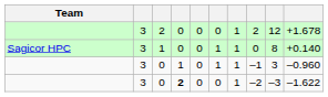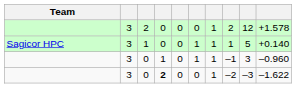 <table class="wikitable" style="text-align:center">
 <tr>
 <th width=180>Team</th>
 <th width=20></th>
 <th width=20></th>
 <th width=20></th>
 <th width=20></th>
 <th width=20></th>
 <th width=20></th>
 <th width=20></th>
 <th width=20></th>
 <th width=45></th>
 </tr>
 <tr style="background:#cfc">
 <td align="left"></td>
 <td>3</td>
 <td>2</td>
 <td>0</td>
 <td>0</td>
 <td>0</td>
 <td>1</td>
 <td>2</td>
 <td>12</td>
-<td>+1.678</td>
+<td>+1.578</td>
 </tr>
 <tr style="background:#cfc">
 <td align="left"> <a href='#'>Sagicor HPC</a></td>
 <td>3</td>
 <td>1</td>
 <td>0</td>
 <td>0</td>
 <td>1</td>
 <td>1</td>
-<td>0</td>
-<td>8</td>
+<td>1</td>
+<td>5</td>
 <td>+0.140</td>
 </tr>
 <tr>
 <td align="left"></td>
 <td>3</td>
 <td>0</td>
 <td>1</td>
 <td>0</td>
 <td>1</td>
 <td>1</td>
 <td>–1</td>
 <td>3</td>
 <td>–0.960</td>
 </tr>
 <tr>
 <td align="left"></td>
 <td>3</td>
 <td>0</td>
 <td><strong>2</strong></td>
 <td>0</td>
 <td>0</td>
 <td>1</td>
 <td>–2</td>
 <td>–3</td>
 <td>–1.622</td>
 </tr>
 </table>
